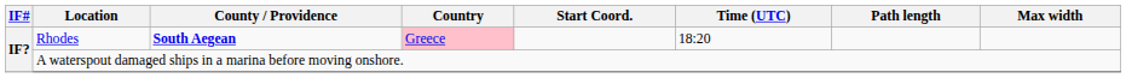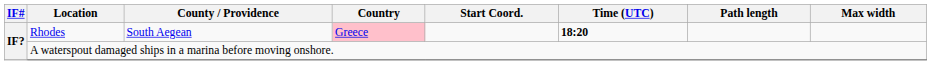 <table class="wikitable sortable" style="width:100%;">
 <tr>
 <th scope="col" width="2%" align="center"><a href='#'>IF#</a></th>
 <th scope="col" align="center" class="unsortable">Location</th>
 <th scope="col" align="center" class="unsortable">County / Providence</th>
 <th scope="col" align="center">Country</th>
 <th scope="col" align="center">Start Coord.</th>
 <th scope="col" align="center">Time (<a href='#'>UTC</a>)</th>
 <th scope="col" align="center">Path length</th>
 <th scope="col" align="center">Max width</th>
 </tr>
 <tr>
 <th scope="row" rowspan="2" style="background-color:#">IF?</th>
 <td><a href='#'>Rhodes</a></td>
-<td><strong><a href='#'>South Aegean</a></strong></td>
+<td><a href='#'>South Aegean</a></td>
 <td style="background: pink;"><a href='#'>Greece</a></td>
 <td></td>
-<td>18:20</td>
+<td><strong>18:20</strong></td>
 <td></td>
 <td></td>
 </tr>
 <tr class="expand-child">
 <td colspan="8" style=" border-bottom: 1px solid black;">A waterspout damaged ships in a marina before moving onshore.</td>
 </tr>
 <tr>
 </tr>
 </table>
